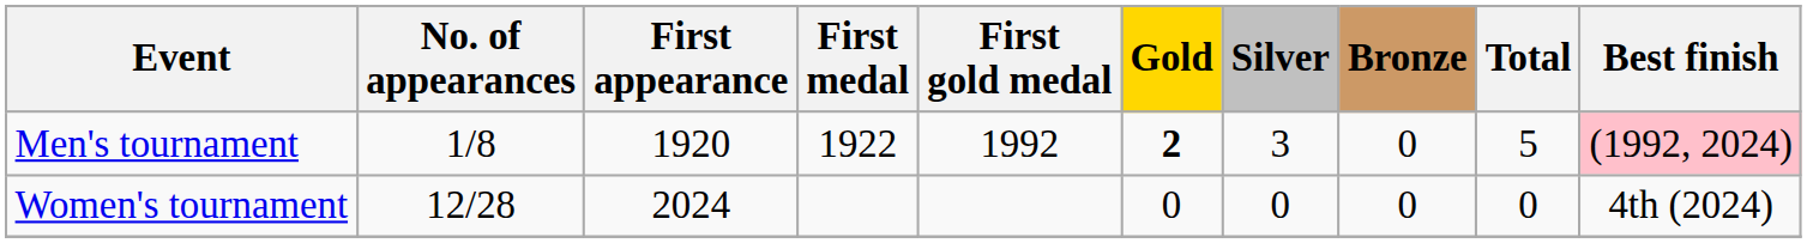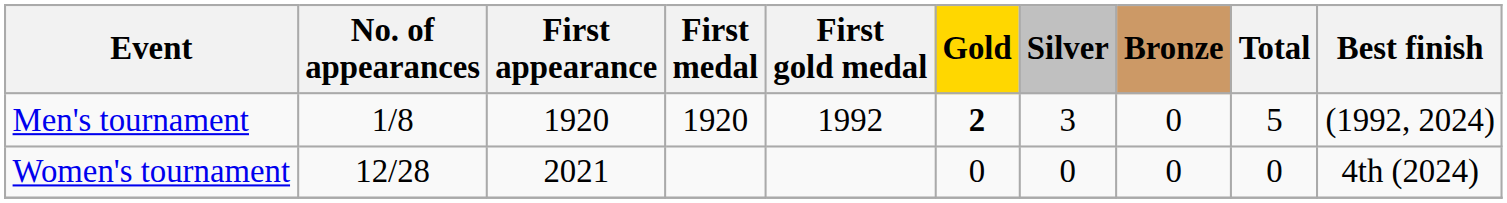 <table class="wikitable sortable" style="text-align:center">
 <tr>
 <th>Event</th>
 <th>No. of<br>appearances</th>
 <th>First<br>appearance</th>
 <th>First<br>medal</th>
 <th>First<br>gold medal</th>
 <th style="background-color:gold;">Gold</th>
 <th style="background-color:silver;">Silver</th>
 <th style="background-color:#c96;">Bronze</th>
 <th>Total</th>
 <th>Best finish</th>
 </tr>
 <tr>
 <td align=left><a href='#'>Men's tournament</a></td>
 <td>1/8</td>
 <td>1920</td>
-<td>1922</td>
+<td>1920</td>
 <td>1992</td>
 <td><strong>2</strong></td>
 <td>3</td>
 <td>0</td>
 <td>5</td>
-<td style="background: pink;"> (1992, 2024)</td>
+<td> (1992, 2024)</td>
 </tr>
 <tr>
 <td align=left><a href='#'>Women's tournament</a></td>
 <td>12/28</td>
-<td>2024</td>
+<td>2021</td>
 <td></td>
 <td></td>
 <td>0</td>
 <td>0</td>
 <td>0</td>
 <td>0</td>
 <td>4th (2024)</td>
 </tr>
 <tr>
 </tr>
 </table>
